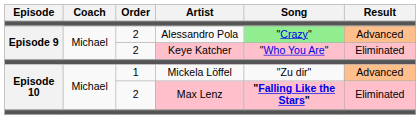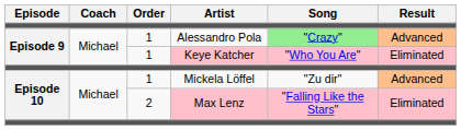 <table class="wikitable" style="text-align: center; width:100%;">
 <tr>
 <th scope="col" style="width:09%;">Episode</th>
 <th style="width:08%;">Coach</th>
 <th style="width:04%;">Order</th>
 <th style="width:16%;">Artist</th>
 <th style="width:18%;">Song</th>
 <th style="width:12%;">Result</th>
 </tr>
 <tr>
 <td colspan="6" style="background:#555;"></td>
 </tr>
 <tr>
 <th rowspan="2">Episode 9<br><small></small></th>
 <td rowspan="2" scope="row" style="text-align:center;">Michael</td>
-<td>2</td>
+<td>1</td>
 <td>Alessandro Pola</td>
 <td style="background: lightgreen;">"<a href='#'>Crazy</a>"</td>
 <td style="background:#ffbf8c;">Advanced</td>
 </tr>
 <tr>
-<td>2</td>
+<td>1</td>
 <td style="background:pink;">Keye Katcher</td>
 <td style="background:pink;">"<a href='#'>Who You Are</a>"</td>
 <td style="background:pink;">Eliminated</td>
 </tr>
 <tr>
 <td colspan="6" style="background:#555;"></td>
 </tr>
 <tr>
 <th rowspan="2">Episode 10<br><small></small></th>
 <td rowspan="2" scope="row" style="text-align:center;">Michael</td>
 <td>1</td>
 <td>Mickela Löffel</td>
 <td>"Zu dir"</td>
 <td style="background:#ffbf8c;">Advanced</td>
 </tr>
 <tr>
 <td>2</td>
 <td style="background:pink;">Max Lenz</td>
-<td style="background:pink;"><strong>"<a href='#'>Falling Like the Stars</a>"</strong></td>
+<td style="background:pink;">"<a href='#'>Falling Like the Stars</a>"</td>
 <td style="background:pink;">Eliminated</td>
 </tr>
 <tr>
 <td colspan="6" style="background:#555;"></td>
 </tr>
 <tr>
 </tr>
 </table>
